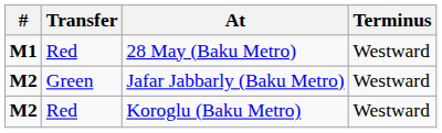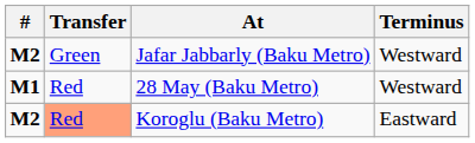 <table class="wikitable">
 <tr>
 <th>#</th>
 <th>Transfer</th>
 <th>At</th>
 <th>Terminus</th>
+</tr>
+<tr>
+<td style="background:#"><strong>M2</strong></td>
+<td><a href='#'>Green</a></td>
+<td><a href='#'>Jafar Jabbarly (Baku Metro)</a></td>
+<td>Westward</td>
 </tr>
 <tr>
 <td style="background:#"><strong>M1</strong></td>
 <td><a href='#'>Red</a></td>
 <td><a href='#'>28 May (Baku Metro)</a></td>
 <td>Westward</td>
 </tr>
 <tr>
 <td style="background:#"><strong>M2</strong></td>
-<td><a href='#'>Green</a></td>
-<td><a href='#'>Jafar Jabbarly (Baku Metro)</a></td>
-<td>Westward</td>
-</tr>
-<tr>
-<td style="background:#"><strong>M2</strong></td>
-<td><a href='#'>Red</a></td>
+<td style="background: lightsalmon;"><a href='#'>Red</a></td>
 <td><a href='#'>Koroglu (Baku Metro)</a></td>
-<td>Westward</td>
+<td>Eastward</td>
 </tr>
 </table>
